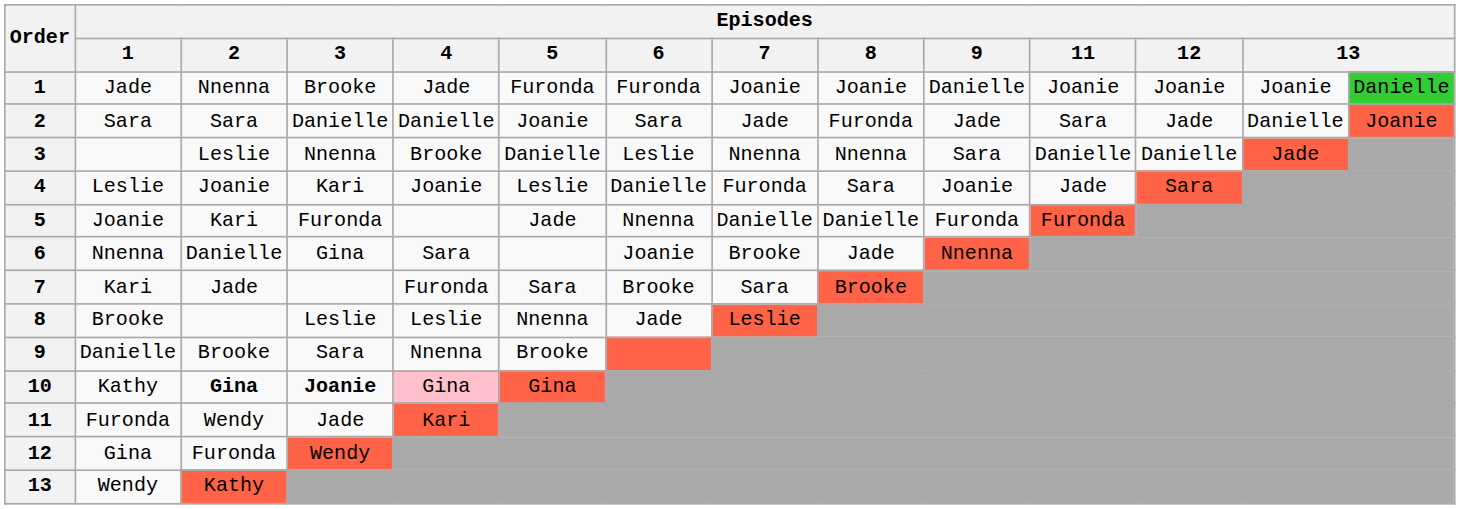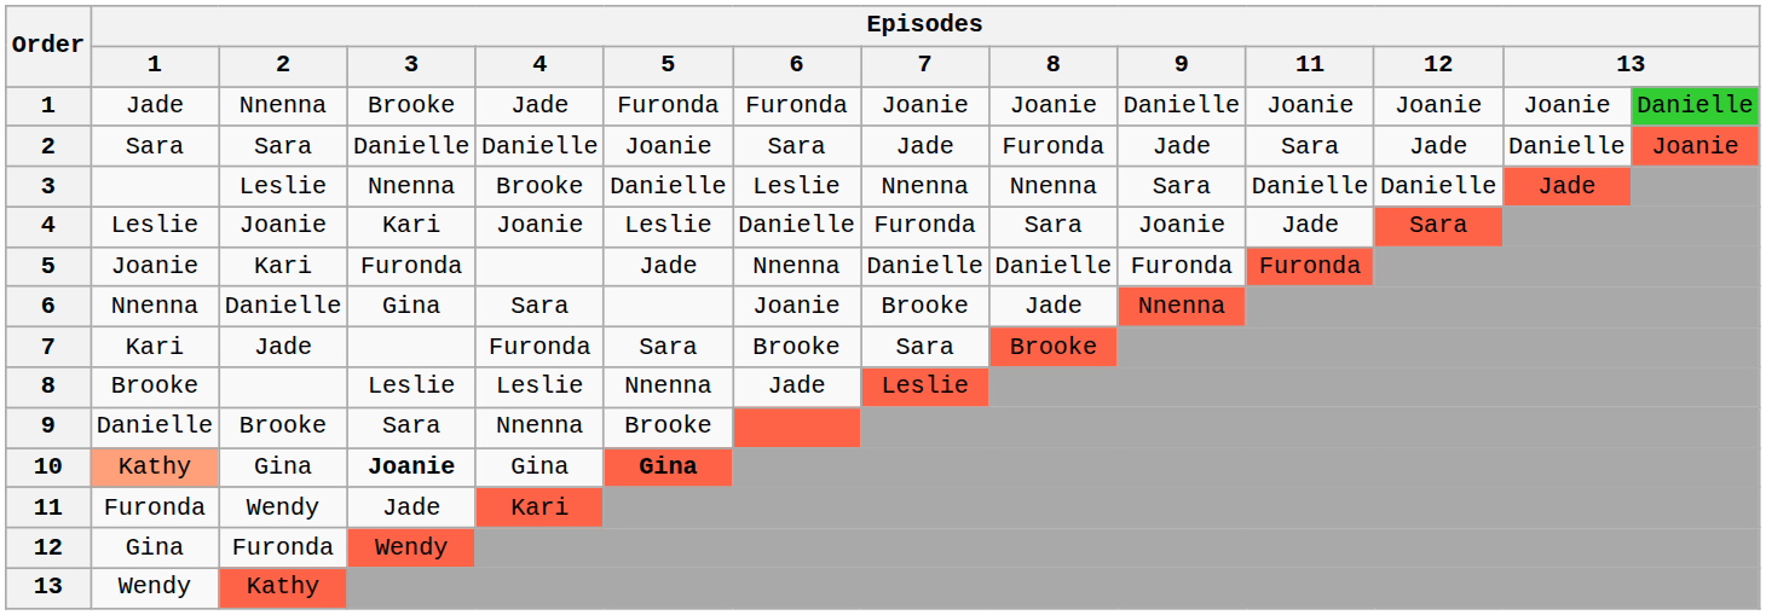 <table class="wikitable" style="text-align:center; font-size:92%">
 <tr>
 <th rowspan=2>Order</th>
 <th colspan=13>Episodes</th>
 </tr>
 <tr>
 <th>1</th>
 <th>2</th>
 <th>3</th>
 <th>4</th>
 <th>5</th>
 <th>6</th>
 <th>7</th>
 <th>8</th>
 <th>9</th>
 <th>11</th>
 <th>12</th>
 <th colspan=2>13</th>
 </tr>
 <tr>
 <th>1</th>
 <td>Jade</td>
 <td>Nnenna</td>
 <td>Brooke</td>
 <td>Jade</td>
 <td>Furonda</td>
 <td>Furonda</td>
 <td>Joanie</td>
 <td>Joanie</td>
 <td>Danielle</td>
 <td>Joanie</td>
 <td>Joanie</td>
 <td>Joanie</td>
 <td bgcolor="limegreen">Danielle</td>
 </tr>
 <tr>
 <th>2</th>
 <td>Sara</td>
 <td>Sara</td>
 <td>Danielle</td>
 <td>Danielle</td>
 <td>Joanie</td>
 <td>Sara</td>
 <td>Jade</td>
 <td>Furonda</td>
 <td>Jade</td>
 <td>Sara</td>
 <td>Jade</td>
 <td>Danielle</td>
 <td bgcolor="tomato">Joanie</td>
 </tr>
 <tr>
 <th>3</th>
 <td></td>
 <td>Leslie</td>
 <td>Nnenna</td>
 <td>Brooke</td>
 <td>Danielle</td>
 <td>Leslie</td>
 <td>Nnenna</td>
 <td>Nnenna</td>
 <td>Sara</td>
 <td>Danielle</td>
 <td>Danielle</td>
 <td bgcolor="tomato">Jade</td>
 <td bgcolor="darkgray"></td>
 </tr>
 <tr>
 <th>4</th>
 <td>Leslie</td>
 <td>Joanie</td>
 <td>Kari</td>
 <td>Joanie</td>
 <td>Leslie</td>
 <td>Danielle</td>
 <td>Furonda</td>
 <td>Sara</td>
 <td>Joanie</td>
 <td>Jade</td>
 <td bgcolor="tomato">Sara</td>
 <td bgcolor="darkgray" colspan=2></td>
 </tr>
 <tr>
 <th>5</th>
 <td>Joanie</td>
 <td>Kari</td>
 <td>Furonda</td>
 <td></td>
 <td>Jade</td>
 <td>Nnenna</td>
 <td>Danielle</td>
 <td>Danielle</td>
 <td>Furonda</td>
 <td bgcolor="tomato">Furonda</td>
 <td bgcolor="darkgray" colspan=3></td>
 </tr>
 <tr>
 <th>6</th>
 <td>Nnenna</td>
 <td>Danielle</td>
 <td>Gina</td>
 <td>Sara</td>
 <td></td>
 <td>Joanie</td>
 <td>Brooke</td>
 <td>Jade</td>
 <td bgcolor="tomato">Nnenna</td>
 <td bgcolor="darkgray" colspan=4></td>
 </tr>
 <tr>
 <th>7</th>
 <td>Kari</td>
 <td>Jade</td>
 <td></td>
 <td>Furonda</td>
 <td>Sara</td>
 <td>Brooke</td>
 <td>Sara</td>
 <td bgcolor="tomato">Brooke</td>
 <td bgcolor="darkgray" colspan=5></td>
 </tr>
 <tr>
 <th>8</th>
 <td>Brooke</td>
 <td></td>
 <td>Leslie</td>
 <td>Leslie</td>
 <td>Nnenna</td>
 <td>Jade</td>
 <td bgcolor="tomato">Leslie</td>
 <td bgcolor="darkgray" colspan=6></td>
 </tr>
 <tr>
 <th>9</th>
 <td>Danielle</td>
 <td>Brooke</td>
 <td>Sara</td>
 <td>Nnenna</td>
 <td>Brooke</td>
 <td bgcolor="tomato"></td>
 <td bgcolor="darkgray" colspan=7></td>
 </tr>
 <tr>
 <th>10</th>
-<td>Kathy</td>
-<td><strong>Gina</strong></td>
+<td style="background: lightsalmon;">Kathy</td>
+<td>Gina</td>
 <td><strong>Joanie</strong></td>
-<td style="background: pink;">Gina</td>
-<td bgcolor="tomato">Gina</td>
+<td>Gina</td>
+<td bgcolor="tomato"><strong>Gina</strong></td>
 <td bgcolor="darkgray" colspan=8></td>
 </tr>
 <tr>
 <th>11</th>
 <td>Furonda</td>
 <td>Wendy</td>
 <td>Jade</td>
 <td bgcolor="tomato">Kari</td>
 <td bgcolor="darkgray" colspan=9></td>
 </tr>
 <tr>
 <th>12</th>
 <td>Gina</td>
 <td>Furonda</td>
 <td bgcolor="tomato">Wendy</td>
 <td bgcolor="darkgray" colspan=10></td>
 </tr>
 <tr>
 <th>13</th>
 <td>Wendy</td>
 <td bgcolor="tomato">Kathy</td>
 <td bgcolor="darkgray" colspan=11></td>
 </tr>
 </table>
